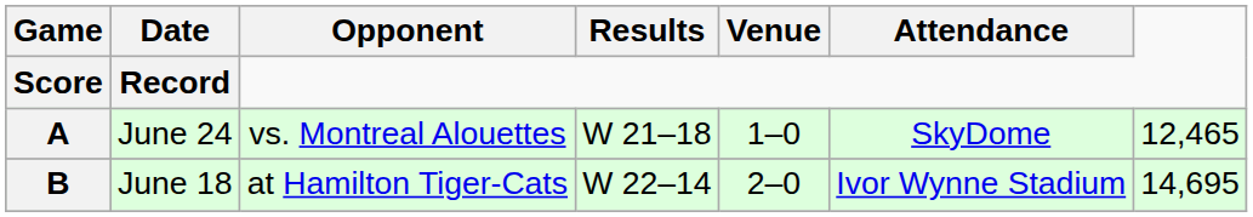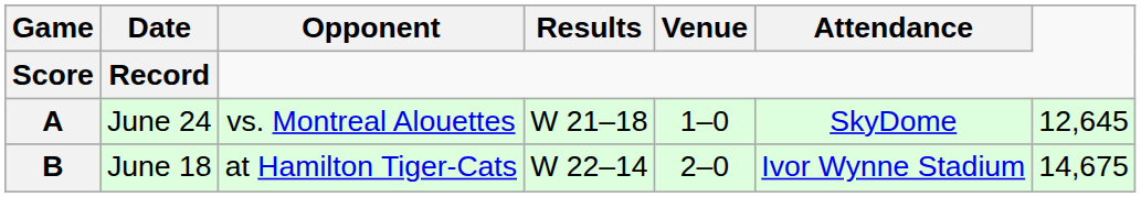 <table class="wikitable" style="text-align:center">
 <tr>
 <th>Game</th>
 <th>Date</th>
 <th>Opponent</th>
 <th>Results</th>
 <th>Venue</th>
 <th>Attendance</th>
 </tr>
 <tr>
 <th>Score</th>
 <th>Record</th>
 </tr>
 <tr style="background:#ddffdd">
 <th>A</th>
 <td>June 24</td>
 <td>vs. <a href='#'>Montreal Alouettes</a></td>
 <td>W 21–18</td>
 <td>1–0</td>
 <td><a href='#'>SkyDome</a></td>
-<td>12,465</td>
+<td>12,645</td>
 </tr>
 <tr style="background:#ddffdd">
 <th>B</th>
 <td>June 18</td>
 <td>at <a href='#'>Hamilton Tiger-Cats</a></td>
 <td>W 22–14</td>
 <td>2–0</td>
 <td><a href='#'>Ivor Wynne Stadium</a></td>
-<td>14,695</td>
+<td>14,675</td>
 </tr>
 </table>
